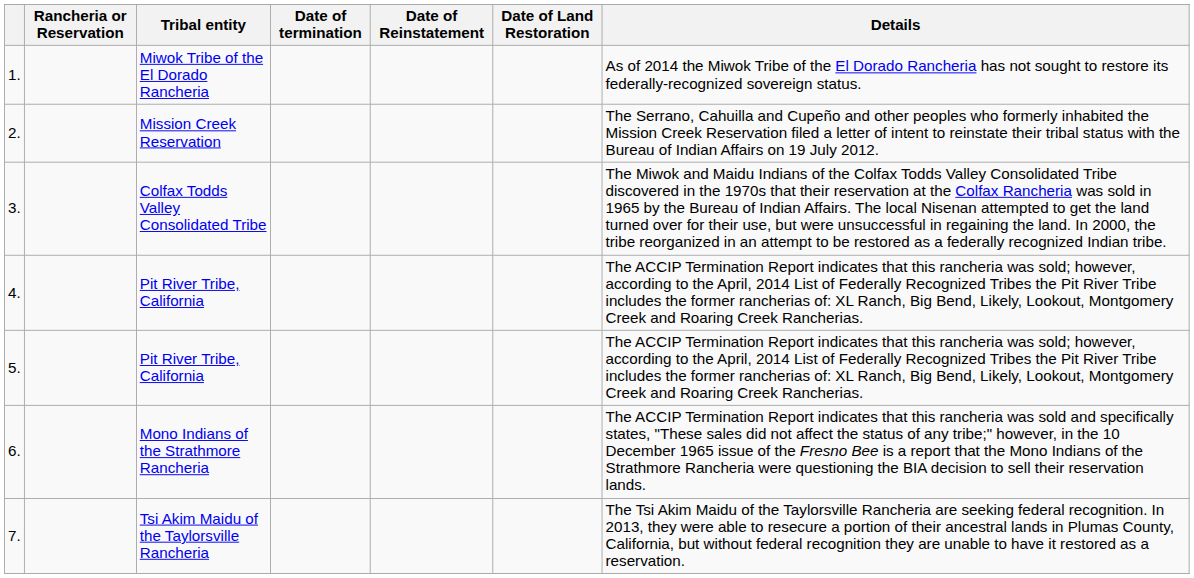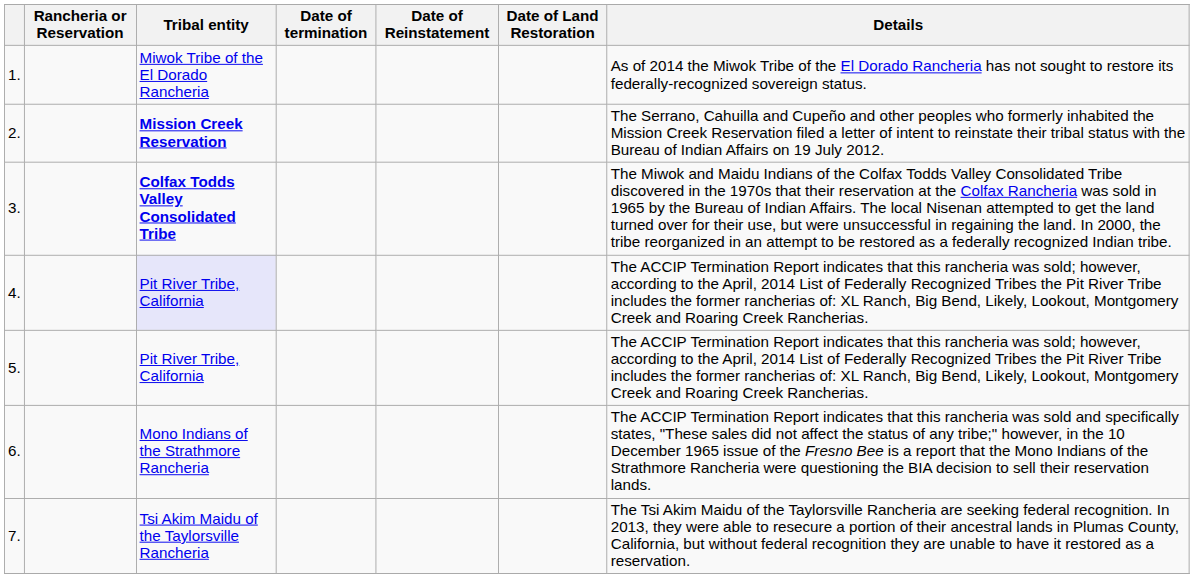 <table class="wikitable sortable">
 <tr>
 </tr>
 <tr>
 <th></th>
 <th>Rancheria or Reservation</th>
 <th>Tribal entity</th>
 <th>Date of termination</th>
 <th>Date of Reinstatement</th>
 <th>Date of Land Restoration</th>
 <th>Details</th>
 </tr>
 <tr>
 <td>1.</td>
 <td></td>
 <td><a href='#'>Miwok Tribe of the El Dorado Rancheria</a></td>
 <td></td>
 <td></td>
 <td></td>
 <td>As of 2014 the Miwok Tribe of the <a href='#'>El Dorado Rancheria</a> has not sought to restore its federally-recognized sovereign status.</td>
 </tr>
 <tr>
 <td>2.</td>
 <td></td>
-<td><a href='#'>Mission Creek Reservation</a></td>
+<td><strong><a href='#'>Mission Creek Reservation</a></strong></td>
 <td></td>
 <td></td>
 <td></td>
 <td>The Serrano, Cahuilla and Cupeño and other peoples who formerly inhabited the Mission Creek Reservation filed a letter of intent to reinstate their tribal status with the Bureau of Indian Affairs on 19 July 2012.</td>
 </tr>
 <tr>
 <td>3.</td>
 <td></td>
-<td><a href='#'>Colfax Todds Valley Consolidated Tribe</a></td>
+<td><strong><a href='#'>Colfax Todds Valley Consolidated Tribe</a></strong></td>
 <td></td>
 <td></td>
 <td></td>
 <td>The Miwok and Maidu Indians of the Colfax Todds Valley Consolidated Tribe discovered in the 1970s that their reservation at the <a href='#'>Colfax Rancheria</a> was sold in 1965 by the Bureau of Indian Affairs. The local Nisenan attempted to get the land turned over for their use, but were unsuccessful in regaining the land. In 2000, the tribe reorganized in an attempt to be restored as a federally recognized Indian tribe.</td>
 </tr>
 <tr>
 <td>4.</td>
 <td></td>
-<td><a href='#'>Pit River Tribe, California</a></td>
+<td style="background: lavender;"><a href='#'>Pit River Tribe, California</a></td>
 <td></td>
 <td></td>
 <td></td>
 <td>The ACCIP Termination Report indicates that this rancheria was sold; however, according to the April, 2014 List of Federally Recognized Tribes the Pit River Tribe includes the former rancherias of: XL Ranch, Big Bend, Likely, Lookout, Montgomery Creek and Roaring Creek Rancherias.</td>
 </tr>
 <tr>
 <td>5.</td>
 <td></td>
 <td><a href='#'>Pit River Tribe, California</a></td>
 <td></td>
 <td></td>
 <td></td>
 <td>The ACCIP Termination Report indicates that this rancheria was sold; however, according to the April, 2014 List of Federally Recognized Tribes the Pit River Tribe includes the former rancherias of: XL Ranch, Big Bend, Likely, Lookout, Montgomery Creek and Roaring Creek Rancherias.</td>
 </tr>
 <tr>
 <td>6.</td>
 <td></td>
 <td><a href='#'>Mono Indians of the Strathmore Rancheria</a></td>
 <td></td>
 <td></td>
 <td></td>
 <td>The ACCIP Termination Report indicates that this rancheria was sold and specifically states, "These sales did not affect the status of any tribe;" however, in the 10 December 1965 issue of the <em>Fresno Bee</em> is a report that the Mono Indians of the Strathmore Rancheria were questioning the BIA decision to sell their reservation lands.</td>
 </tr>
 <tr>
 <td>7.</td>
 <td></td>
 <td><a href='#'>Tsi Akim Maidu of the Taylorsville Rancheria</a></td>
 <td></td>
 <td></td>
 <td></td>
 <td>The Tsi Akim  Maidu of the Taylorsville Rancheria are seeking federal recognition. In 2013, they were able to resecure a portion of their ancestral lands in Plumas County, California, but without federal recognition they are unable to have it restored as a reservation.</td>
 </tr>
 <tr>
 </tr>
 </table>
